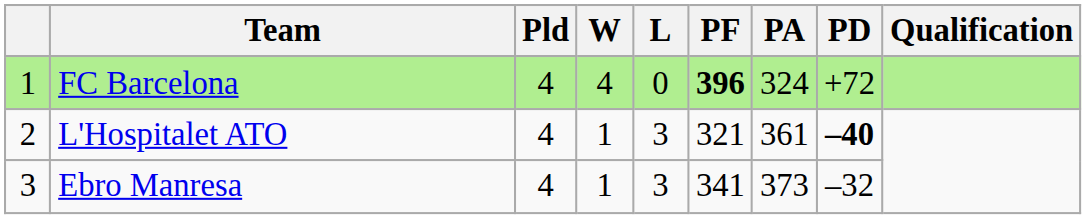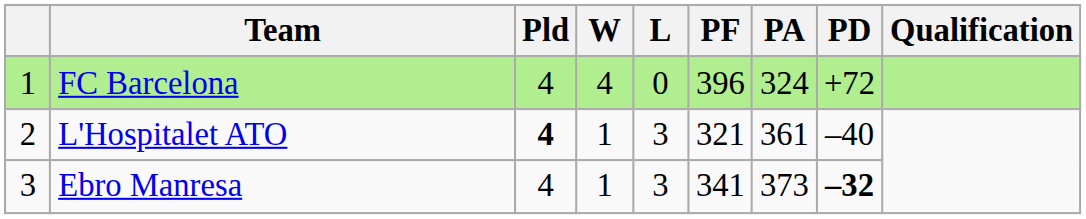 <table class="wikitable" style="text-align:center">
 <tr>
 <th width=15></th>
 <th width=220>Team</th>
 <th width=20>Pld</th>
 <th width=20>W</th>
 <th width=20>L</th>
 <th width=20>PF</th>
 <th width=20>PA</th>
 <th width=20>PD</th>
 <th width=20>Qualification</th>
 </tr>
 <tr style="background: #B0EE90">
 <td>1</td>
 <td align=left><a href='#'>FC Barcelona</a></td>
 <td>4</td>
 <td>4</td>
 <td>0</td>
-<td><strong>396</strong></td>
+<td>396</td>
 <td>324</td>
 <td>+72</td>
 <td></td>
 </tr>
 <tr>
 <td>2</td>
 <td align=left><a href='#'>L'Hospitalet ATO</a></td>
-<td>4</td>
+<td><strong>4</strong></td>
 <td>1</td>
 <td>3</td>
 <td>321</td>
 <td>361</td>
-<td><strong>–40</strong></td>
+<td>–40</td>
 </tr>
 <tr>
 <td>3</td>
 <td align=left><a href='#'>Ebro Manresa</a></td>
 <td>4</td>
 <td>1</td>
 <td>3</td>
 <td>341</td>
 <td>373</td>
-<td>–32</td>
+<td><strong>–32</strong></td>
 </tr>
 </table>
